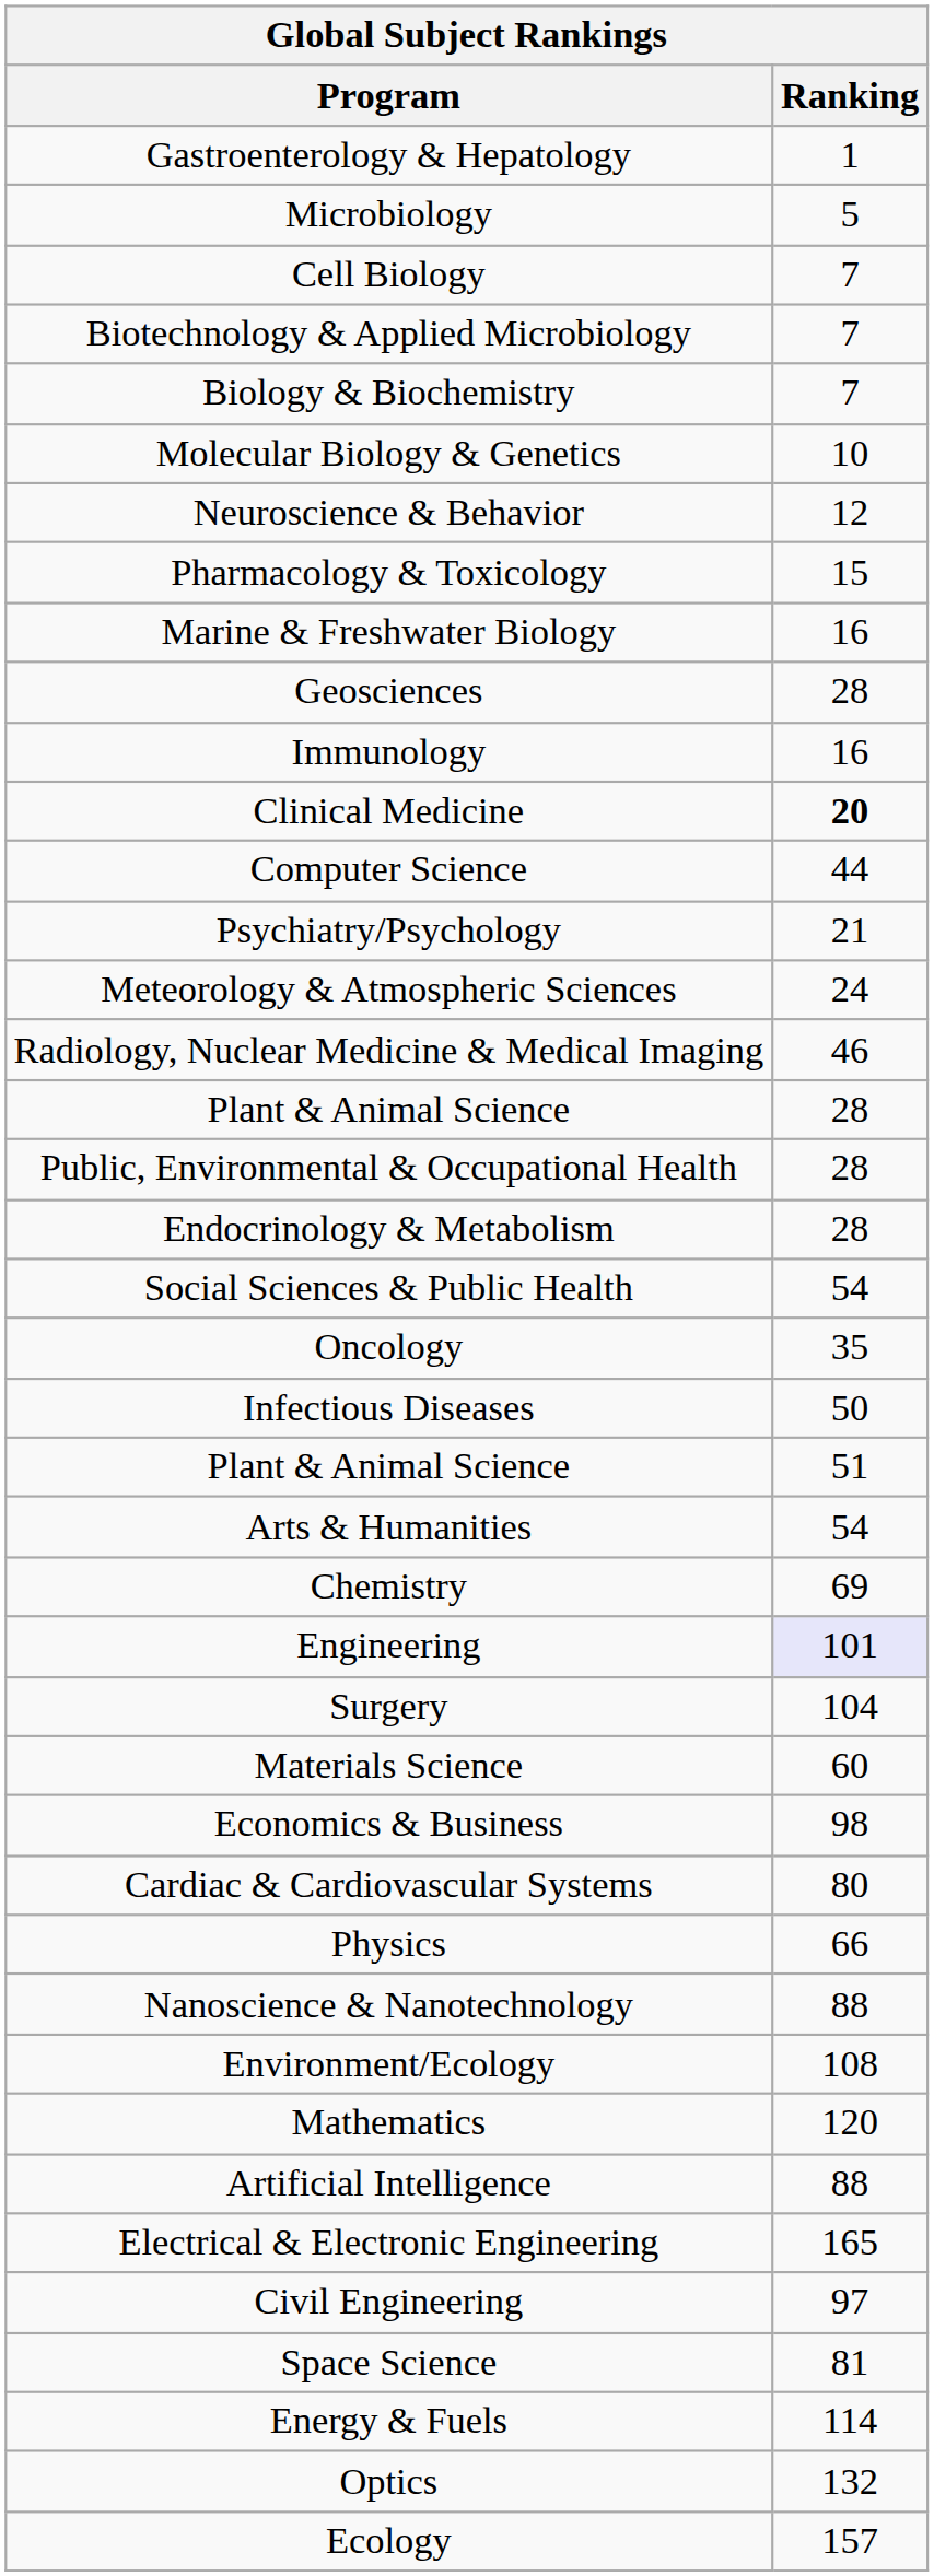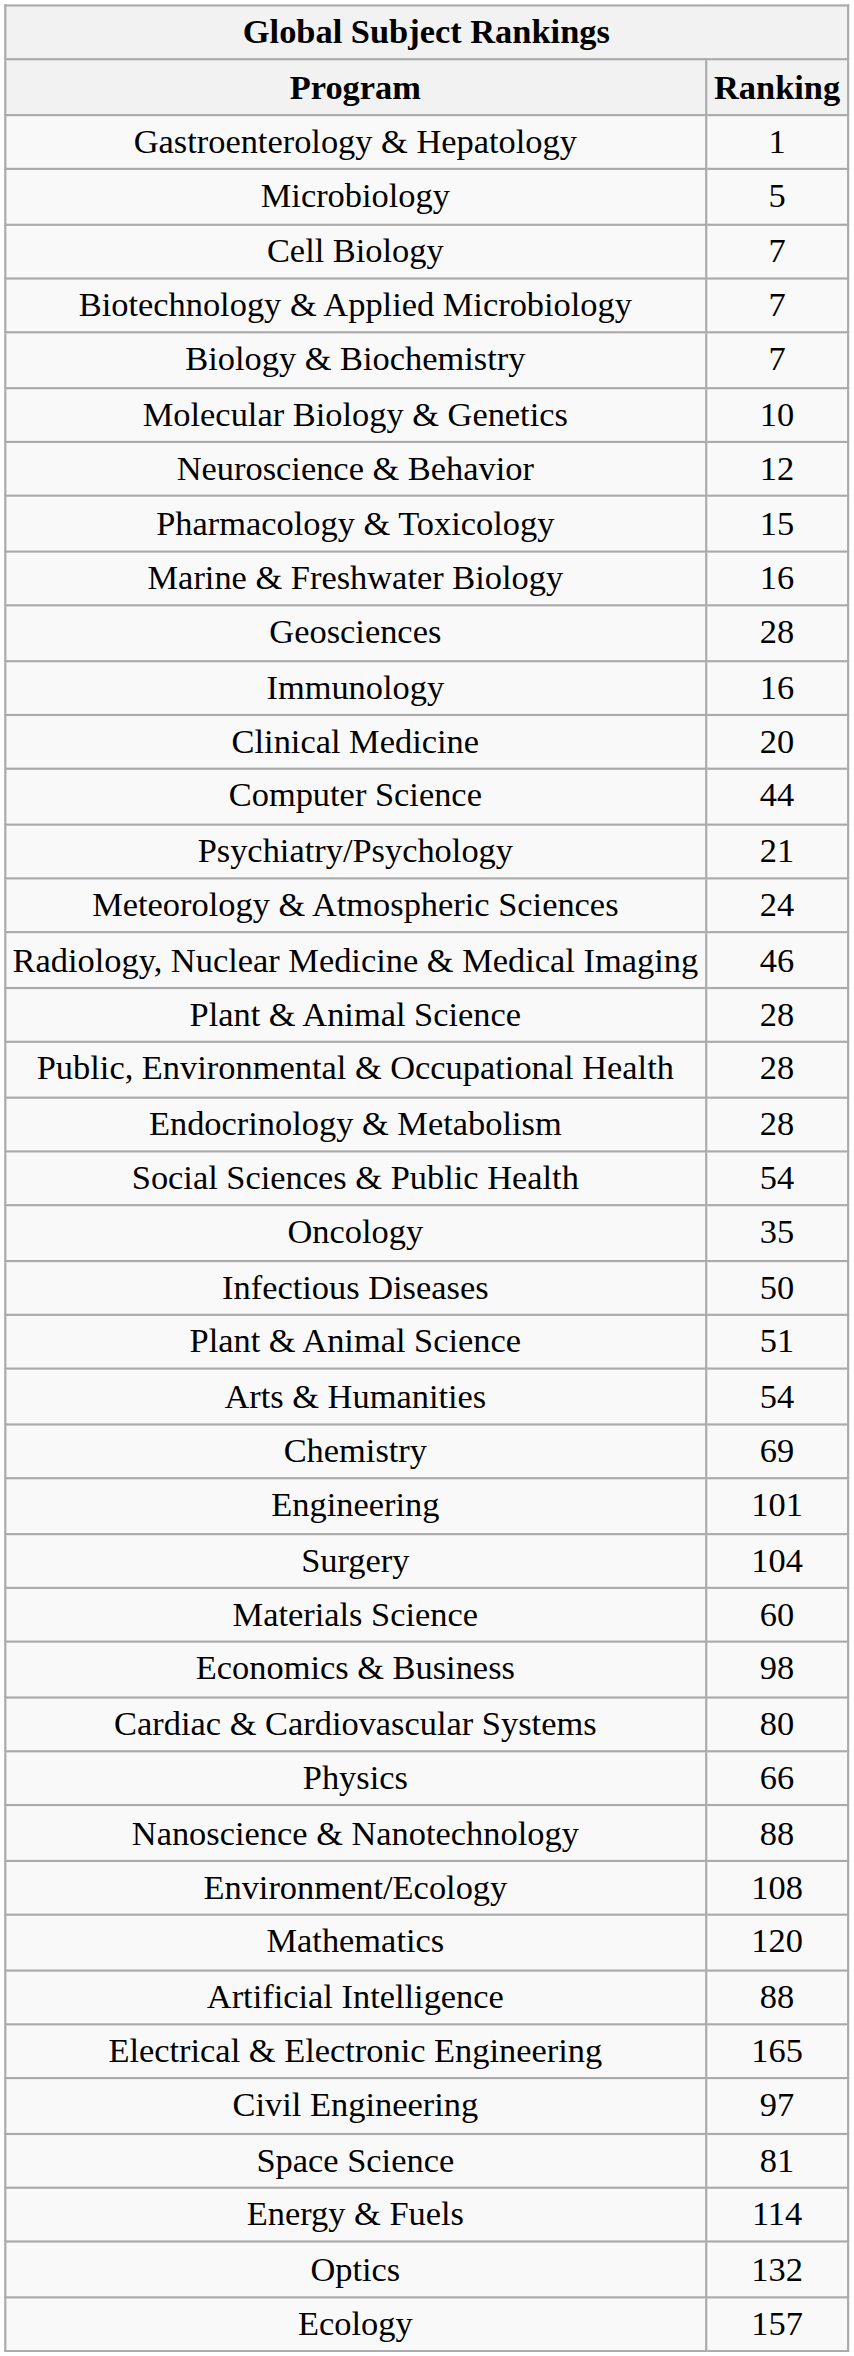 <table class="wikitable sortable collapsible collapsed" style="float:right; text-align:center">
 <tr>
 <th colspan=4>Global Subject Rankings</th>
 </tr>
 <tr>
 <th>Program</th>
 <th>Ranking</th>
 </tr>
 <tr>
 <td>Gastroenterology & Hepatology</td>
 <td>1</td>
 </tr>
 <tr>
 <td>Microbiology</td>
 <td>5</td>
 </tr>
 <tr>
 <td>Cell Biology</td>
 <td>7</td>
 </tr>
 <tr>
 <td>Biotechnology & Applied Microbiology</td>
 <td>7</td>
 </tr>
 <tr>
 <td>Biology & Biochemistry</td>
 <td>7</td>
 </tr>
 <tr>
 <td>Molecular Biology & Genetics</td>
 <td>10</td>
 </tr>
 <tr>
 <td>Neuroscience & Behavior</td>
 <td>12</td>
 </tr>
 <tr>
 <td>Pharmacology & Toxicology</td>
 <td>15</td>
 </tr>
 <tr>
 <td>Marine & Freshwater Biology</td>
 <td>16</td>
 </tr>
 <tr>
 <td>Geosciences</td>
 <td>28</td>
 </tr>
 <tr>
 <td>Immunology</td>
 <td>16</td>
 </tr>
 <tr>
 <td>Clinical Medicine</td>
-<td><strong>20</strong></td>
+<td>20</td>
 </tr>
 <tr>
 <td>Computer Science</td>
 <td>44</td>
 </tr>
 <tr>
 <td>Psychiatry/Psychology</td>
 <td>21</td>
 </tr>
 <tr>
 <td>Meteorology & Atmospheric Sciences</td>
 <td>24</td>
 </tr>
 <tr>
 <td>Radiology, Nuclear Medicine & Medical Imaging</td>
 <td>46</td>
 </tr>
 <tr>
 <td>Plant & Animal Science</td>
 <td>28</td>
 </tr>
 <tr>
 <td>Public, Environmental & Occupational Health</td>
 <td>28</td>
 </tr>
 <tr>
 <td>Endocrinology & Metabolism</td>
 <td>28</td>
 </tr>
 <tr>
 <td>Social Sciences & Public Health</td>
 <td>54</td>
 </tr>
 <tr>
 <td>Oncology</td>
 <td>35</td>
 </tr>
 <tr>
 <td>Infectious Diseases</td>
 <td>50</td>
 </tr>
 <tr>
 <td>Plant & Animal Science</td>
 <td>51</td>
 </tr>
 <tr>
 <td>Arts & Humanities</td>
 <td>54</td>
 </tr>
 <tr>
 <td>Chemistry</td>
 <td>69</td>
 </tr>
 <tr>
 <td>Engineering</td>
-<td style="background: lavender;">101</td>
+<td>101</td>
 </tr>
 <tr>
 <td>Surgery</td>
 <td>104</td>
 </tr>
 <tr>
 <td>Materials Science</td>
 <td>60</td>
 </tr>
 <tr>
 <td>Economics & Business</td>
 <td>98</td>
 </tr>
 <tr>
 <td>Cardiac & Cardiovascular Systems</td>
 <td>80</td>
 </tr>
 <tr>
 <td>Physics</td>
 <td>66</td>
 </tr>
 <tr>
 <td>Nanoscience & Nanotechnology</td>
 <td>88</td>
 </tr>
 <tr>
 <td>Environment/Ecology</td>
 <td>108</td>
 </tr>
 <tr>
 <td>Mathematics</td>
 <td>120</td>
 </tr>
 <tr>
 <td>Artificial Intelligence</td>
 <td>88</td>
 </tr>
 <tr>
 <td>Electrical & Electronic Engineering</td>
 <td>165</td>
 </tr>
 <tr>
 <td>Civil Engineering</td>
 <td>97</td>
 </tr>
 <tr>
 <td>Space Science</td>
 <td>81</td>
 </tr>
 <tr>
 <td>Energy & Fuels</td>
 <td>114</td>
 </tr>
 <tr>
 <td>Optics</td>
 <td>132</td>
 </tr>
 <tr>
 <td>Ecology</td>
 <td>157</td>
 </tr>
 </table>
